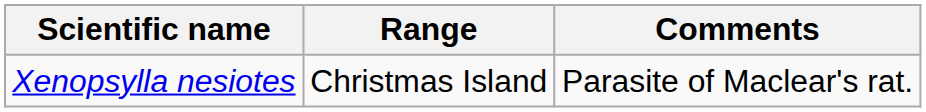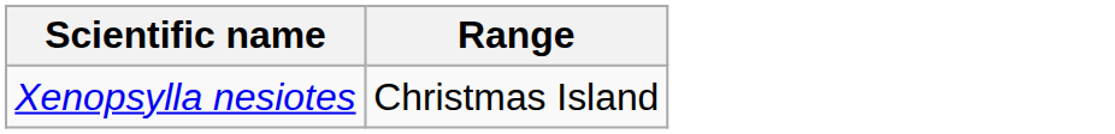 <table class="wikitable">
 <tr>
 <th>Scientific name</th>
 <th>Range</th>
-<th>Comments</th>
 </tr>
 <tr>
 <td><em><a href='#'>Xenopsylla nesiotes</a></em></td>
 <td>Christmas Island</td>
-<td>Parasite of Maclear's rat.</td>
 </tr>
 </table>
